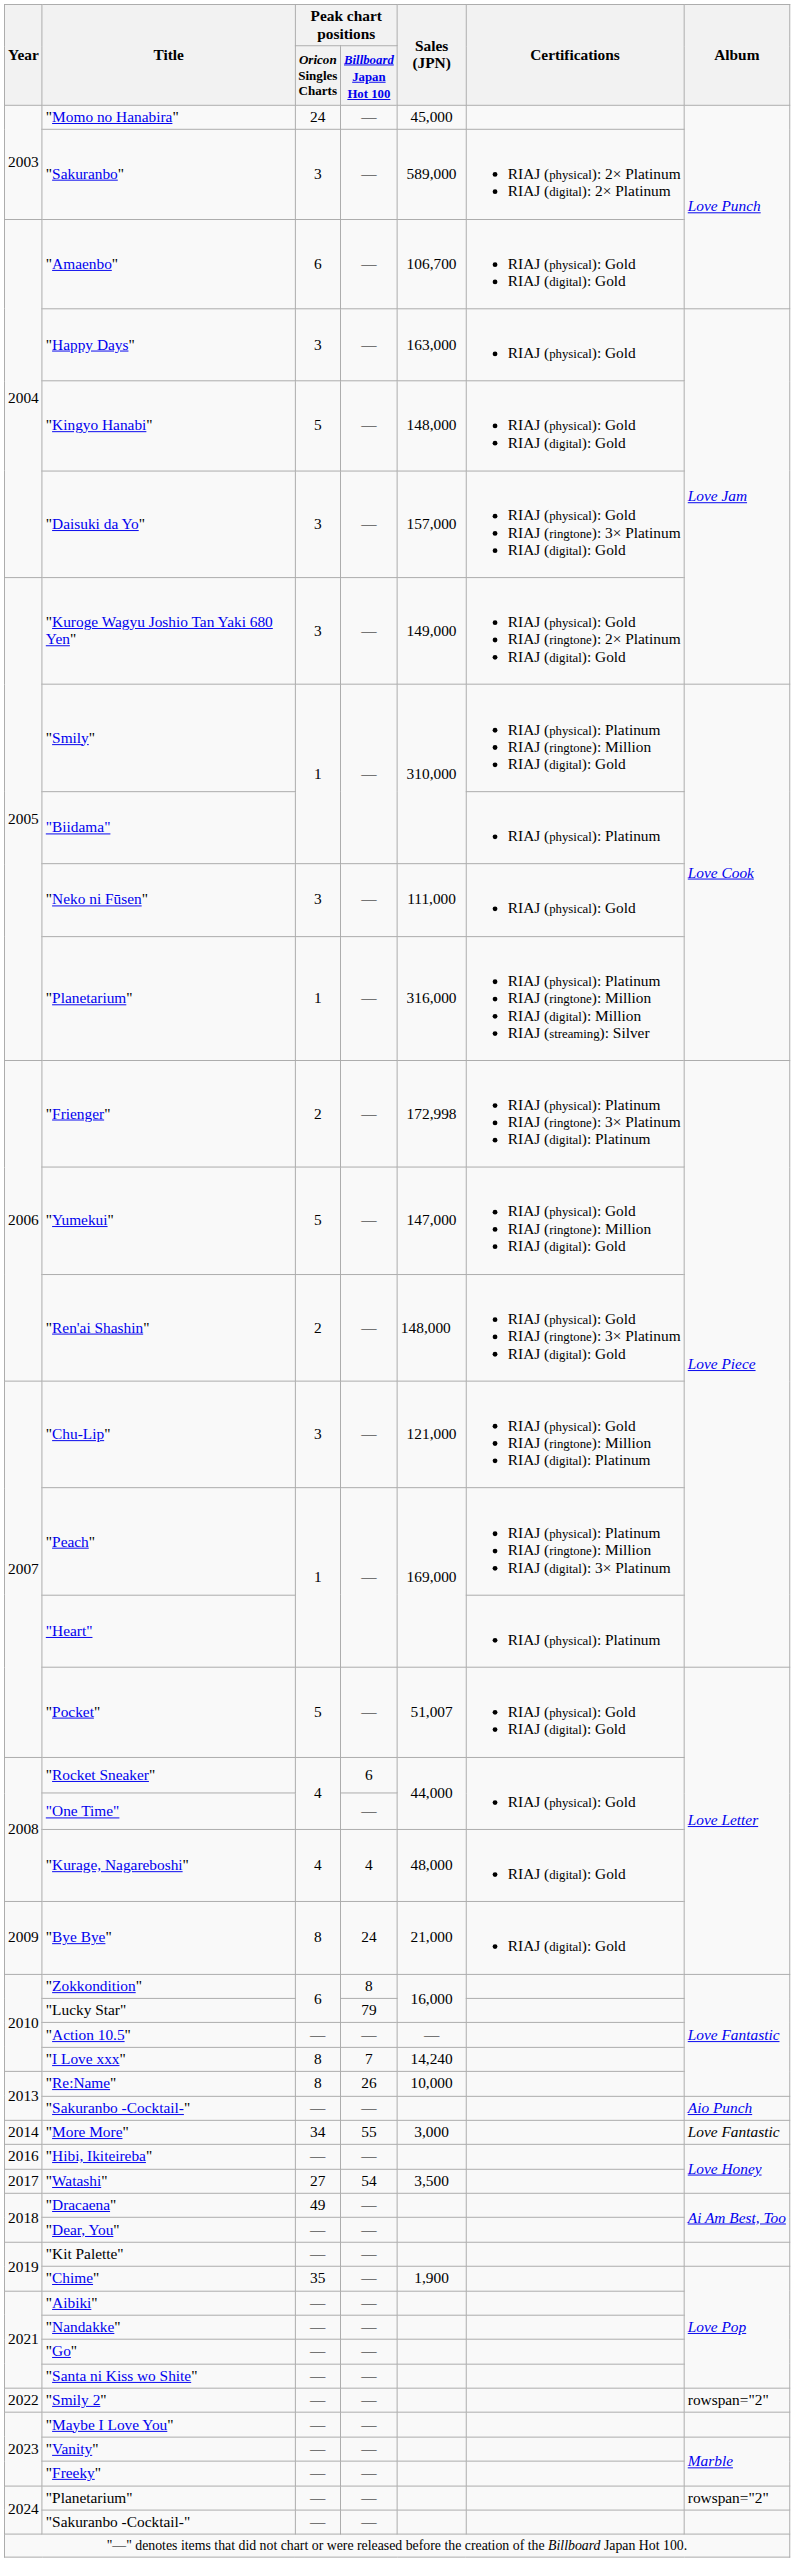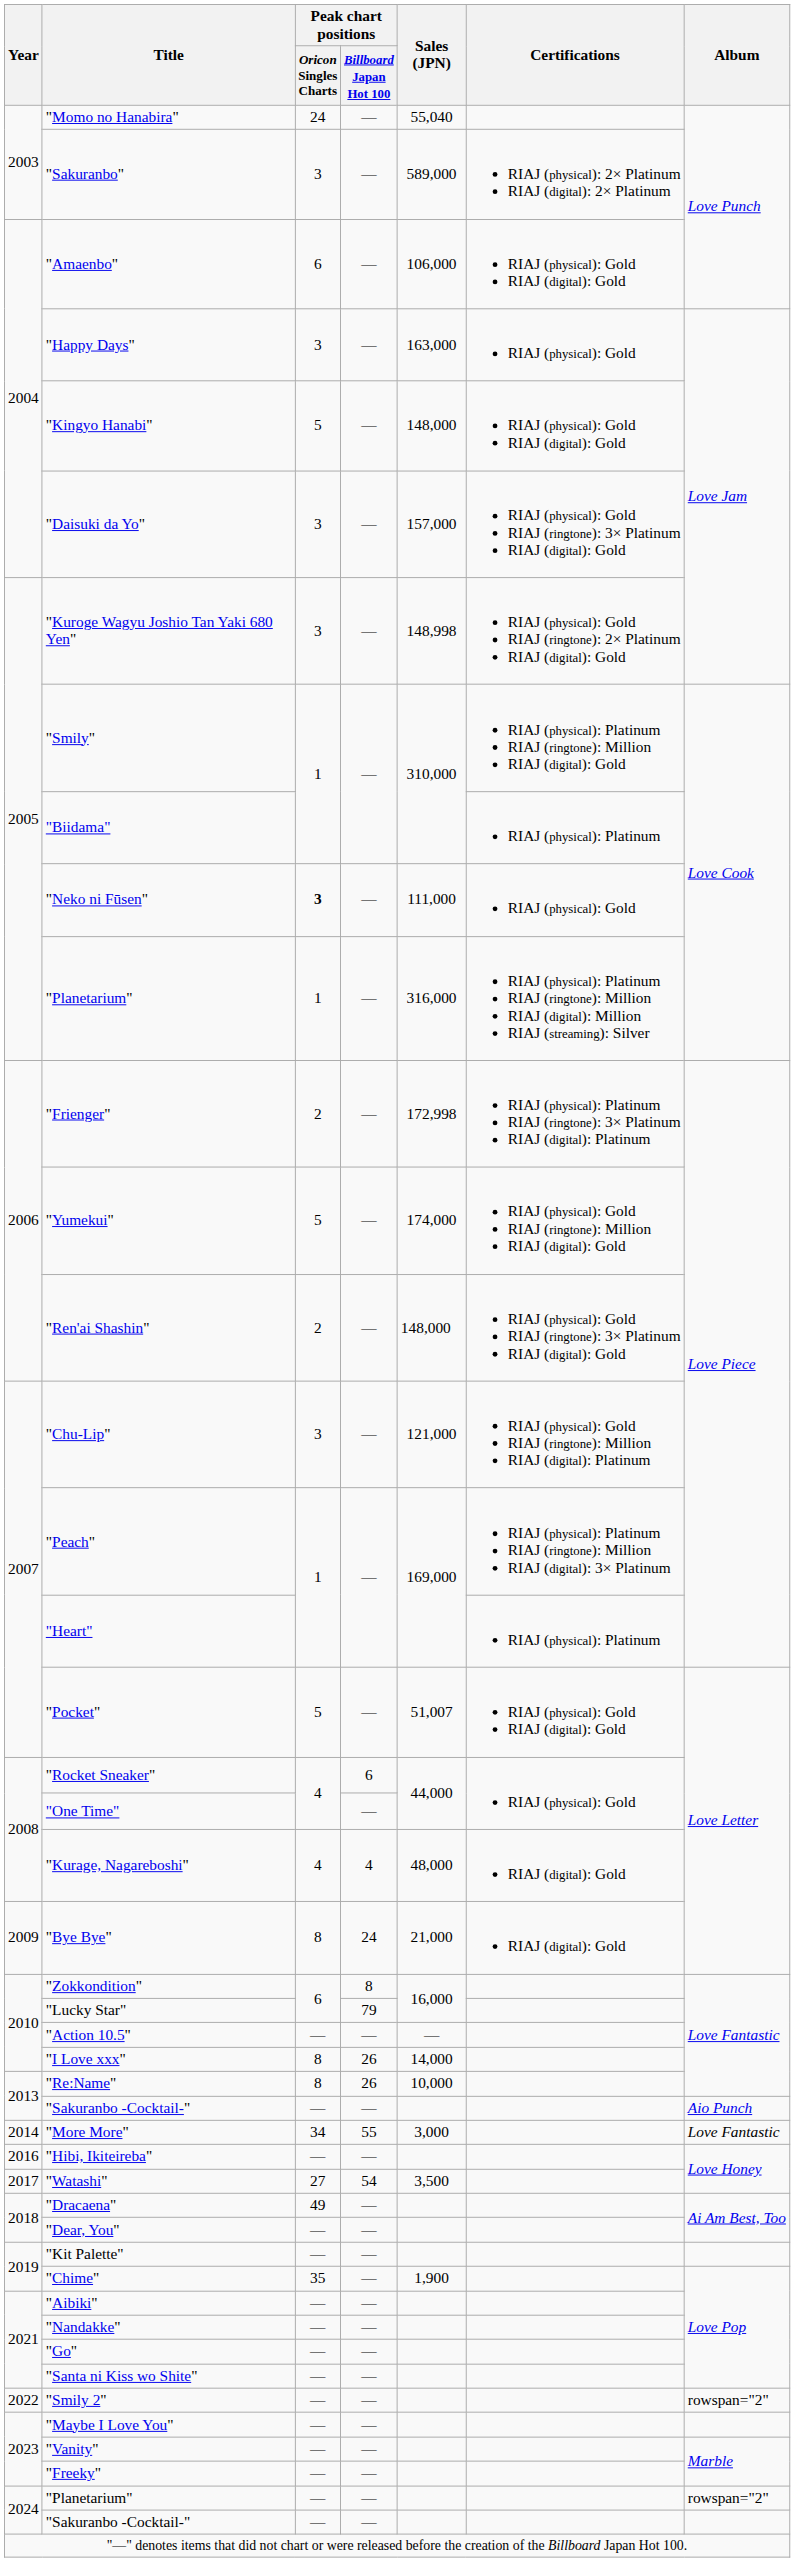 <table class="wikitable plainrowheaders">
 <tr>
 <th scope="col" rowspan="2" style="width:2em;">Year</th>
 <th scope="col" rowspan="2" style="width:16em;">Title</th>
 <th colspan="2">Peak chart positions</th>
 <th scope="col" rowspan="2" style="width:4em;">Sales (JPN)</th>
 <th rowspan="2">Certifications</th>
 <th rowspan="2">Album</th>
 </tr>
 <tr>
 <th style="width:3em;font-size:85%"><em>Oricon</em> Singles Charts<br></th>
 <th width="40"><small><em><a href='#'>Billboard</a></em> <a href='#'>Japan Hot 100</a></small></th>
 </tr>
 <tr>
 <td rowspan="2">2003</td>
 <td>"<a href='#'>Momo no Hanabira</a>"</td>
 <td align="center">24</td>
 <td align="center">—</td>
-<td align="center">45,000</td>
+<td align="center">55,040</td>
 <td></td>
 <td rowspan="3"><a href='#'><em>Love Punch</em></a></td>
 </tr>
 <tr>
 <td>"<a href='#'>Sakuranbo</a>"</td>
 <td align="center">3</td>
 <td align="center">—</td>
 <td align="center">589,000</td>
 <td><br><ul><li>RIAJ (<small>physical</small>): 2× Platinum</li><li>RIAJ (<small>digital</small>): 2× Platinum</li></ul></td>
 </tr>
 <tr>
 <td rowspan="4">2004</td>
 <td>"<a href='#'>Amaenbo</a>"</td>
 <td align="center">6</td>
 <td align="center">—</td>
-<td align="center">106,700</td>
+<td align="center">106,000</td>
 <td><br><ul><li>RIAJ (<small>physical</small>): Gold</li><li>RIAJ (<small>digital</small>): Gold</li></ul></td>
 </tr>
 <tr>
 <td>"<a href='#'>Happy Days</a>"</td>
 <td align="center">3</td>
 <td align="center">—</td>
 <td align="center">163,000</td>
 <td><br><ul><li>RIAJ (<small>physical</small>): Gold</li></ul></td>
 <td rowspan="4"><em><a href='#'>Love Jam</a></em></td>
 </tr>
 <tr>
 <td>"<a href='#'>Kingyo Hanabi</a>"</td>
 <td align="center">5</td>
 <td align="center">—</td>
 <td align="center">148,000</td>
 <td><br><ul><li>RIAJ (<small>physical</small>): Gold</li><li>RIAJ (<small>digital</small>): Gold</li></ul></td>
 </tr>
 <tr>
 <td>"<a href='#'>Daisuki da Yo</a>"</td>
 <td align="center">3</td>
 <td align="center">—</td>
 <td align="center">157,000</td>
 <td><br><ul><li>RIAJ (<small>physical</small>): Gold</li><li>RIAJ (<small>ringtone</small>): 3× Platinum</li><li>RIAJ (<small>digital</small>): Gold</li></ul></td>
 </tr>
 <tr>
 <td rowspan="5">2005</td>
 <td>"<a href='#'>Kuroge Wagyu Joshio Tan Yaki 680 Yen</a>"</td>
 <td align="center">3</td>
 <td align="center">—</td>
-<td align="center">149,000</td>
+<td align="center">148,998</td>
 <td><br><ul><li>RIAJ (<small>physical</small>): Gold</li><li>RIAJ (<small>ringtone</small>): 2× Platinum</li><li>RIAJ (<small>digital</small>): Gold</li></ul></td>
 </tr>
 <tr>
 <td>"<a href='#'>Smily</a>"</td>
 <td rowspan="2" align="center">1</td>
 <td rowspan="2" align="center">—</td>
 <td rowspan="2" align="center">310,000</td>
 <td><br><ul><li>RIAJ (<small>physical</small>): Platinum</li><li>RIAJ (<small>ringtone</small>): Million</li><li>RIAJ (<small>digital</small>): Gold</li></ul></td>
 <td rowspan="4"><em><a href='#'>Love Cook</a></em></td>
 </tr>
 <tr>
 <td><a href='#'>"Biidama"</a></td>
 <td><br><ul><li>RIAJ (<small>physical</small>): Platinum</li></ul></td>
 </tr>
 <tr>
 <td>"<a href='#'>Neko ni Fūsen</a>"</td>
-<td align="center">3</td>
+<td align="center"><strong>3</strong></td>
 <td align="center">—</td>
 <td align="center">111,000</td>
 <td><br><ul><li>RIAJ (<small>physical</small>): Gold</li></ul></td>
 </tr>
 <tr>
 <td>"<a href='#'>Planetarium</a>"</td>
 <td align="center">1</td>
 <td align="center">—</td>
 <td align="center">316,000</td>
 <td><br><ul><li>RIAJ (<small>physical</small>): Platinum</li><li>RIAJ (<small>ringtone</small>): Million</li><li>RIAJ (<small>digital</small>): Million</li><li>RIAJ (<small>streaming</small>): Silver</li></ul></td>
 </tr>
 <tr>
 <td rowspan="3">2006</td>
 <td>"<a href='#'>Frienger</a>"</td>
 <td align="center">2</td>
 <td align="center">—</td>
 <td align="center">172,998</td>
 <td><br><ul><li>RIAJ (<small>physical</small>): Platinum</li><li>RIAJ (<small>ringtone</small>): 3× Platinum</li><li>RIAJ (<small>digital</small>): Platinum</li></ul></td>
 <td rowspan="6"><em><a href='#'>Love Piece</a></em></td>
 </tr>
 <tr>
 <td>"<a href='#'>Yumekui</a>"</td>
 <td align="center">5</td>
 <td align="center">—</td>
-<td align="center">147,000</td>
+<td align="center">174,000</td>
 <td><br><ul><li>RIAJ (<small>physical</small>): Gold</li><li>RIAJ (<small>ringtone</small>): Million</li><li>RIAJ (<small>digital</small>): Gold</li></ul></td>
 </tr>
 <tr>
 <td>"<a href='#'>Ren'ai Shashin</a>"</td>
 <td align="center">2</td>
 <td align="center">—</td>
 <td>148,000</td>
 <td><br><ul><li>RIAJ (<small>physical</small>): Gold</li><li>RIAJ (<small>ringtone</small>): 3× Platinum</li><li>RIAJ (<small>digital</small>): Gold</li></ul></td>
 </tr>
 <tr>
 <td rowspan="4">2007</td>
 <td>"<a href='#'>Chu-Lip</a>"</td>
 <td align="center">3</td>
 <td align="center">—</td>
 <td align="center">121,000</td>
 <td><br><ul><li>RIAJ (<small>physical</small>): Gold</li><li>RIAJ (<small>ringtone</small>): Million</li><li>RIAJ (<small>digital</small>): Platinum</li></ul></td>
 </tr>
 <tr>
 <td>"<a href='#'>Peach</a>"</td>
 <td rowspan="2" align="center">1</td>
 <td rowspan="2" align="center">—</td>
 <td rowspan="2" align="center">169,000</td>
 <td><br><ul><li>RIAJ (<small>physical</small>): Platinum</li><li>RIAJ (<small>ringtone</small>): Million</li><li>RIAJ (<small>digital</small>): 3× Platinum</li></ul></td>
 </tr>
 <tr>
 <td><a href='#'>"Heart"</a></td>
 <td><br><ul><li>RIAJ (<small>physical</small>): Platinum</li></ul></td>
 </tr>
 <tr>
 <td>"<a href='#'>Pocket</a>"</td>
 <td align="center">5</td>
 <td align="center">—</td>
 <td align="center">51,007</td>
 <td><br><ul><li>RIAJ (<small>physical</small>): Gold</li><li>RIAJ (<small>digital</small>): Gold</li></ul></td>
 <td rowspan="5"><em><a href='#'>Love Letter</a></em></td>
 </tr>
 <tr>
 <td rowspan="3">2008</td>
 <td>"<a href='#'>Rocket Sneaker</a>"</td>
 <td rowspan="2" align="center">4</td>
 <td align="center">6</td>
 <td rowspan="2" align="center">44,000</td>
 <td rowspan="2"><br><ul><li>RIAJ (<small>physical</small>): Gold</li></ul></td>
 </tr>
 <tr>
 <td><a href='#'>"One Time"</a></td>
 <td align="center">—</td>
 </tr>
 <tr>
 <td>"<a href='#'>Kurage, Nagareboshi</a>"</td>
 <td align="center">4</td>
 <td align="center">4</td>
 <td align="center">48,000</td>
 <td><br><ul><li>RIAJ (<small>digital</small>): Gold</li></ul></td>
 </tr>
 <tr>
 <td>2009</td>
 <td>"<a href='#'>Bye Bye</a>"</td>
 <td align="center">8</td>
 <td align="center">24</td>
 <td align="center">21,000</td>
 <td><br><ul><li>RIAJ (<small>digital</small>): Gold</li></ul></td>
 </tr>
 <tr>
 <td rowspan="4">2010</td>
 <td>"<a href='#'>Zokkondition</a>"</td>
 <td rowspan="2" align="center">6</td>
 <td align="center">8</td>
 <td rowspan="2" align="center">16,000</td>
 <td></td>
 <td rowspan="5"><em><a href='#'>Love Fantastic</a></em></td>
 </tr>
 <tr>
 <td>"Lucky Star"</td>
 <td align="center">79</td>
 <td></td>
 </tr>
 <tr>
 <td>"<a href='#'>Action 10.5</a>"</td>
 <td align="center">—</td>
 <td align="center">—</td>
 <td align="center">—</td>
 <td></td>
 </tr>
 <tr>
 <td>"<a href='#'>I Love xxx</a>"</td>
 <td align="center">8</td>
-<td align="center">7</td>
-<td align="center">14,240</td>
+<td align="center">26</td>
+<td align="center">14,000</td>
 <td></td>
 </tr>
 <tr>
 <td rowspan="2">2013</td>
 <td>"<a href='#'>Re:Name</a>"</td>
 <td align="center">8</td>
 <td align="center">26</td>
 <td align="center">10,000</td>
 <td></td>
 </tr>
 <tr>
 <td>"<a href='#'>Sakuranbo -Cocktail-</a>"</td>
 <td align="center">—</td>
 <td align="center">—</td>
 <td align="center"></td>
 <td></td>
 <td><em><a href='#'>Aio Punch</a></em></td>
 </tr>
 <tr>
 <td>2014</td>
 <td>"<a href='#'>More More</a>"</td>
 <td align="center">34</td>
 <td align="center">55</td>
 <td align="center">3,000</td>
 <td></td>
 <td><em>Love Fantastic</em></td>
 </tr>
 <tr>
 <td>2016</td>
 <td>"<a href='#'>Hibi, Ikiteireba</a>"</td>
 <td align="center">—</td>
 <td align="center">—</td>
 <td align="center"></td>
 <td></td>
 <td rowspan="2"><em><a href='#'>Love Honey</a></em></td>
 </tr>
 <tr>
 <td>2017</td>
 <td>"<a href='#'>Watashi</a>"</td>
 <td align="center">27</td>
 <td align="center">54</td>
 <td align="center">3,500</td>
 <td></td>
 </tr>
 <tr>
 <td rowspan="2">2018</td>
 <td>"<a href='#'>Dracaena</a>"</td>
 <td align="center">49</td>
 <td align="center">—</td>
 <td align="center"></td>
 <td></td>
 <td rowspan="2"><em><a href='#'>Ai Am Best, Too</a></em></td>
 </tr>
 <tr>
 <td>"<a href='#'>Dear, You</a>"</td>
 <td align="center">—</td>
 <td align="center">—</td>
 <td align="center"></td>
 <td></td>
 </tr>
 <tr>
 <td rowspan="2">2019</td>
 <td>"Kit Palette"</td>
 <td align="center">—</td>
 <td align="center">—</td>
 <td align="center"></td>
 <td></td>
 <td></td>
 </tr>
 <tr>
 <td>"<a href='#'>Chime</a>"</td>
 <td align="center">35</td>
 <td align="center">—</td>
 <td align="center">1,900</td>
 <td></td>
 <td rowspan="5"><em><a href='#'>Love Pop</a></em></td>
 </tr>
 <tr>
 <td rowspan="4">2021</td>
 <td>"<a href='#'>Aibiki</a>"</td>
 <td align="center">—</td>
 <td align="center">—</td>
 <td align="center"></td>
 <td></td>
 </tr>
 <tr>
 <td>"<a href='#'>Nandakke</a>"</td>
 <td align="center">—</td>
 <td align="center">—</td>
 <td align="center"></td>
 <td></td>
 </tr>
 <tr>
 <td>"<a href='#'>Go</a>"</td>
 <td align="center">—</td>
 <td align="center">—</td>
 <td align="center"></td>
 <td></td>
 </tr>
 <tr>
 <td>"<a href='#'>Santa ni Kiss wo Shite</a>"</td>
 <td align="center">—</td>
 <td align="center">—</td>
 <td align="center"></td>
 <td></td>
 </tr>
 <tr>
 <td>2022</td>
 <td>"<a href='#'>Smily 2</a>"</td>
 <td align="center">—</td>
 <td align="center">—</td>
 <td align="center"></td>
 <td></td>
 <td>rowspan="2" </td>
 </tr>
 <tr>
 <td rowspan="3">2023</td>
 <td>"<a href='#'>Maybe I Love You</a>"</td>
 <td align="center">—</td>
 <td align="center">—</td>
 <td align="center"></td>
 <td></td>
 </tr>
 <tr>
 <td>"<a href='#'>Vanity</a>"</td>
 <td align="center">—</td>
 <td align="center">—</td>
 <td align="center"></td>
 <td></td>
 <td rowspan="2"><em><a href='#'>Marble</a></em></td>
 </tr>
 <tr>
 <td>"<a href='#'>Freeky</a>"</td>
 <td align="center">—</td>
 <td align="center">—</td>
 <td align="center"></td>
 <td></td>
 </tr>
 <tr>
 <td rowspan="2">2024</td>
 <td>"Planetarium"<br></td>
 <td align="center">—</td>
 <td align="center">—</td>
 <td align="center"></td>
 <td></td>
 <td>rowspan="2" </td>
 </tr>
 <tr>
 <td>"Sakuranbo -Cocktail-"<br></td>
 <td align="center">—</td>
 <td align="center">—</td>
 <td align="center"></td>
 <td></td>
 </tr>
 <tr>
 <td colspan="7" style="text-align:center;font-size:90%">"—" denotes items that did not chart or were released before the creation of the <em>Billboard</em> Japan Hot 100.</td>
 </tr>
 </table>
